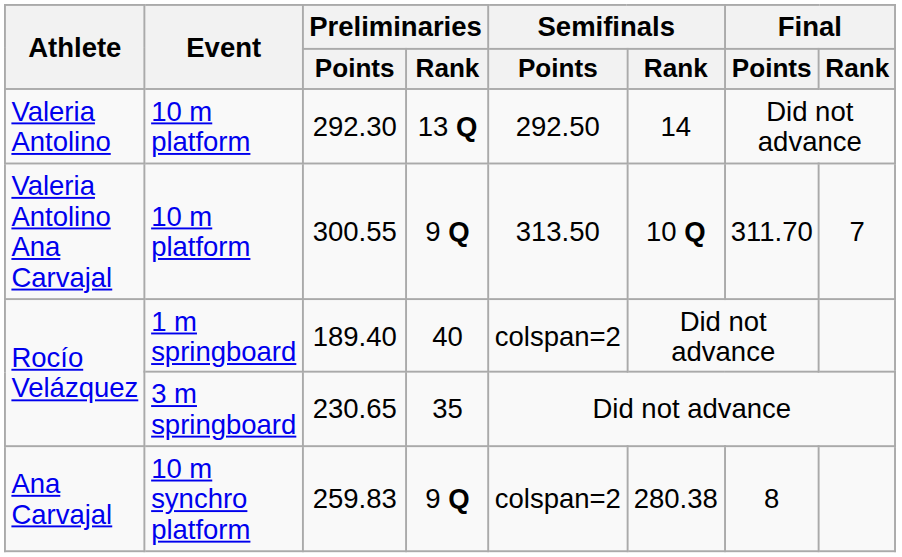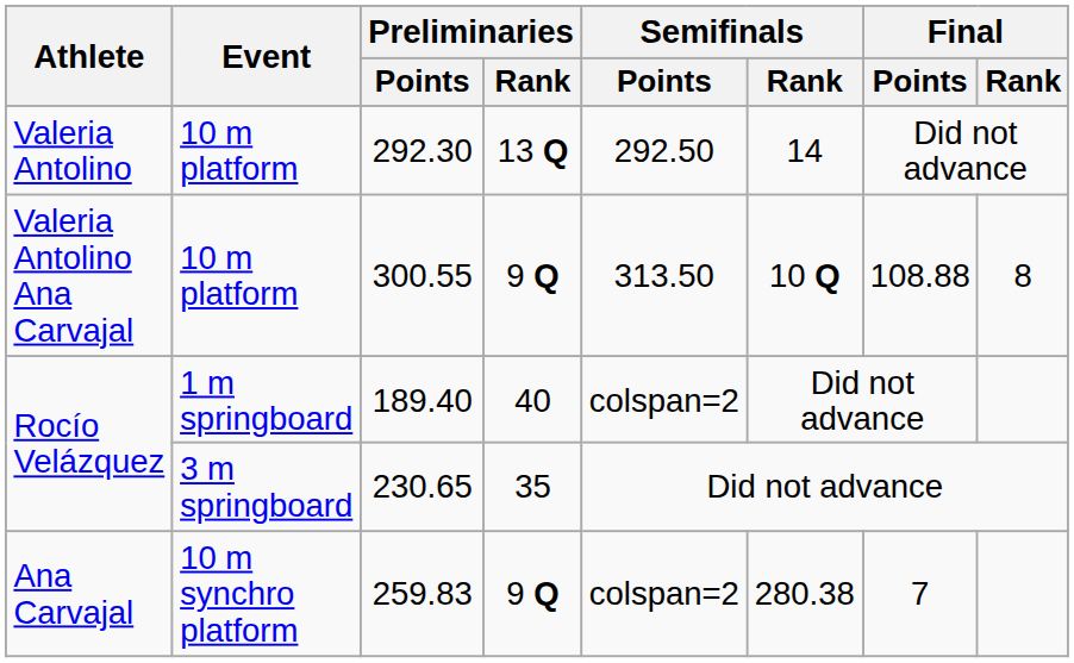 <table class="wikitable" style="text-align:center; font-size:90%; width:60%;">
 <tr>
 <th rowspan=2>Athlete</th>
 <th rowspan=2>Event</th>
 <th colspan=2>Preliminaries</th>
 <th colspan=2>Semifinals</th>
 <th colspan=2>Final</th>
 </tr>
 <tr style="font-size:95%">
 <th>Points</th>
 <th>Rank</th>
 <th>Points</th>
 <th>Rank</th>
 <th>Points</th>
 <th>Rank</th>
 </tr>
 <tr>
 <td align=left><a href='#'>Valeria Antolino</a></td>
 <td align=left><a href='#'>10 m platform</a></td>
 <td>292.30</td>
 <td>13 <strong>Q</strong></td>
 <td>292.50</td>
 <td>14</td>
 <td colspan=2>Did not advance</td>
 </tr>
 <tr>
 <td align=left><a href='#'>Valeria Antolino</a><br> <a href='#'>Ana Carvajal</a></td>
 <td align=left><a href='#'>10 m platform</a></td>
 <td>300.55</td>
 <td>9 <strong>Q</strong></td>
 <td>313.50</td>
 <td>10 <strong>Q</strong></td>
-<td>311.70</td>
-<td>7</td>
+<td>108.88</td>
+<td>8</td>
 </tr>
 <tr>
 <td align=left rowspan=2><a href='#'>Rocío Velázquez</a></td>
 <td align=left><a href='#'>1 m springboard</a></td>
 <td>189.40</td>
 <td>40</td>
 <td>colspan=2 </td>
 <td colspan=2>Did not advance</td>
 </tr>
 <tr>
 <td align=left><a href='#'>3 m springboard</a></td>
 <td>230.65</td>
 <td>35</td>
 <td colspan=4>Did not advance</td>
 </tr>
 <tr>
 <td align=left><a href='#'>Ana Carvajal</a></td>
 <td align=left><a href='#'>10 m synchro platform</a></td>
 <td>259.83</td>
 <td>9 <strong>Q</strong></td>
 <td>colspan=2 </td>
 <td>280.38</td>
-<td>8</td>
+<td>7</td>
 </tr>
 </table>
